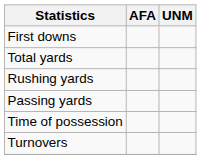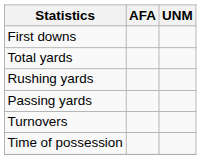 <table class="wikitable" style="float: left;">
 <tr>
 <th>Statistics</th>
 <th>AFA</th>
 <th>UNM</th>
 </tr>
 <tr>
 <td>First downs</td>
 <td></td>
 <td></td>
 </tr>
 <tr>
 <td>Total yards</td>
 <td></td>
 <td></td>
 </tr>
 <tr>
 <td>Rushing yards</td>
 <td></td>
 <td></td>
 </tr>
 <tr>
 <td>Passing yards</td>
 <td></td>
 <td></td>
 </tr>
 <tr>
-<td>Time of possession</td>
+<td>Turnovers</td>
 <td></td>
 <td></td>
 </tr>
 <tr>
-<td>Turnovers</td>
+<td>Time of possession</td>
 <td></td>
 <td></td>
 </tr>
 <tr>
 </tr>
 </table>
